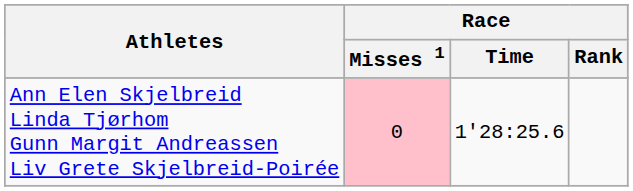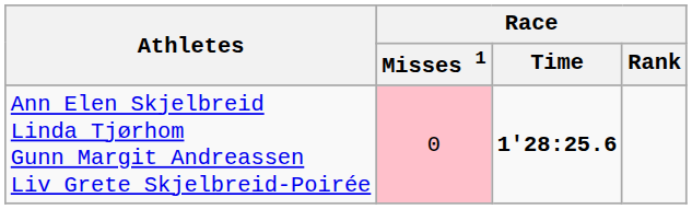 <table class="wikitable" border="1" style="font-size:90%">
 <tr>
 <th rowspan=2>Athletes</th>
 <th colspan=3>Race</th>
 </tr>
 <tr>
 <th>Misses <sup>1</sup></th>
 <th>Time</th>
 <th>Rank</th>
 </tr>
 <tr>
 <td><a href='#'>Ann Elen Skjelbreid</a><br><a href='#'>Linda Tjørhom</a><br><a href='#'>Gunn Margit Andreassen</a><br><a href='#'>Liv Grete Skjelbreid-Poirée</a></td>
 <td align=center style="background: pink;">0</td>
-<td align=center>1'28:25.6</td>
+<td align=center><strong>1'28:25.6</strong></td>
 <td align=center></td>
 </tr>
 </table>
